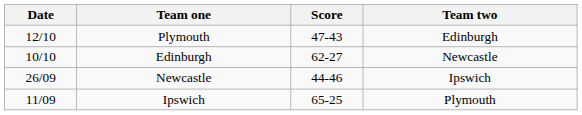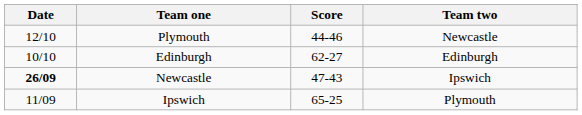 <table class="wikitable" style="text-align: center">
 <tr>
 <th width=80>Date</th>
 <th width=250>Team one</th>
 <th width=80>Score</th>
 <th width=250>Team two</th>
 </tr>
 <tr>
 <td>12/10</td>
 <td>Plymouth</td>
-<td>47-43</td>
-<td>Edinburgh</td>
+<td>44-46</td>
+<td>Newcastle</td>
 </tr>
 <tr>
 <td>10/10</td>
 <td>Edinburgh</td>
 <td>62-27</td>
-<td>Newcastle</td>
+<td>Edinburgh</td>
 </tr>
 <tr>
-<td>26/09</td>
+<td><strong>26/09</strong></td>
 <td>Newcastle</td>
-<td>44-46</td>
+<td>47-43</td>
 <td>Ipswich</td>
 </tr>
 <tr>
 <td>11/09</td>
 <td>Ipswich</td>
 <td>65-25</td>
 <td>Plymouth</td>
 </tr>
 </table>
